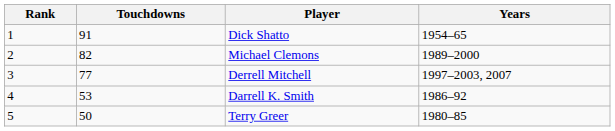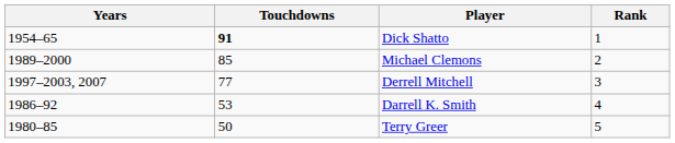 <table class="wikitable" style="width:60%;">
 <tr>
-<th>Rank</th>
+<th>Years</th>
 <th>Touchdowns</th>
 <th>Player</th>
-<th>Years</th>
+<th>Rank</th>
 </tr>
 <tr>
+<td>1954–65</td>
+<td><strong>91</strong></td>
+<td><a href='#'>Dick Shatto</a></td>
 <td>1</td>
-<td>91</td>
-<td><a href='#'>Dick Shatto</a></td>
-<td>1954–65</td>
 </tr>
 <tr>
+<td>1989–2000</td>
+<td>85</td>
+<td><a href='#'>Michael Clemons</a></td>
 <td>2</td>
-<td>82</td>
-<td><a href='#'>Michael Clemons</a></td>
-<td>1989–2000</td>
 </tr>
 <tr>
-<td>3</td>
+<td>1997–2003, 2007</td>
 <td>77</td>
 <td><a href='#'>Derrell Mitchell</a></td>
-<td>1997–2003, 2007</td>
+<td>3</td>
 </tr>
 <tr>
-<td>4</td>
+<td>1986–92</td>
 <td>53</td>
 <td><a href='#'>Darrell K. Smith</a></td>
-<td>1986–92</td>
+<td>4</td>
 </tr>
 <tr>
-<td>5</td>
+<td>1980–85</td>
 <td>50</td>
 <td><a href='#'>Terry Greer</a></td>
-<td>1980–85</td>
+<td>5</td>
 </tr>
 </table>
